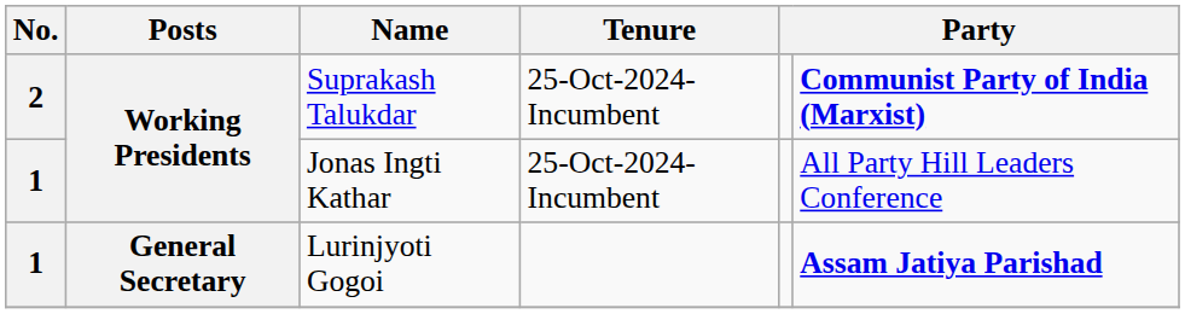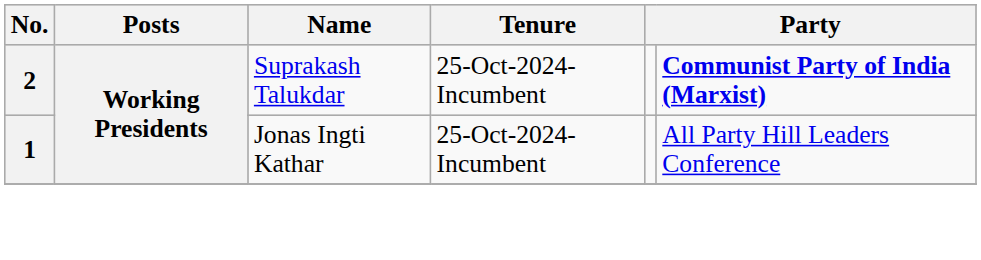 <table class="wikitable sortable">
 <tr>
 <th>No.</th>
 <th>Posts</th>
 <th>Name</th>
 <th>Tenure</th>
 <th colspan="2">Party</th>
 </tr>
 <tr>
 <th>2</th>
 <th rowspan="2"><strong>Working Presidents</strong></th>
 <td><a href='#'>Suprakash Talukdar</a></td>
 <td>25-Oct-2024-Incumbent</td>
 <td style="background-color: "></td>
 <td><strong><a href='#'>Communist Party of India (Marxist)</a></strong></td>
 </tr>
 <tr>
 <th>1</th>
 <td>Jonas Ingti Kathar</td>
 <td>25-Oct-2024-Incumbent</td>
 <td style="background-color: "></td>
 <td><a href='#'>All Party Hill Leaders Conference</a></td>
 </tr>
 <tr>
-<th>1</th>
-<th><strong>General Secretary</strong></th>
-<td>Lurinjyoti Gogoi</td>
-<td></td>
-<td style="background-color: "></td>
-<td><strong><a href='#'>Assam Jatiya Parishad</a></strong></td>
-</tr>
-<tr>
 </tr>
 </table>
